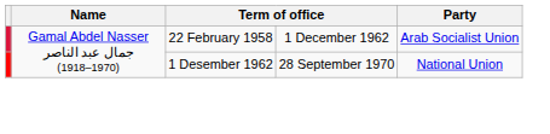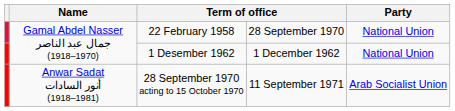 <table class="wikitable" style="text-align:center">
 <tr>
 <th></th>
 <th width="180">Name</th>
 <th colspan="2">Term  of office</th>
 <th>Party</th>
 </tr>
 <tr>
 <th style="background:#DC143C; color:white;"></th>
 <td rowspan="2"><a href='#'>Gamal Abdel Nasser</a><br>جمال عبد الناصر<br> <small>(1918–1970)</small></td>
 <td>22 February 1958</td>
-<td>1 December 1962</td>
-<td><a href='#'>Arab Socialist Union</a></td>
+<td>28 September 1970</td>
+<td><a href='#'>National Union</a></td>
 </tr>
 <tr>
 <th style="background:Red; color:white;"></th>
 <td>1 Desember 1962</td>
-<td>28 September 1970</td>
+<td>1 December 1962</td>
 <td><a href='#'>National Union</a></td>
 </tr>
+<tr>
+<th style="background:Red; color:white;"></th>
+<td><a href='#'>Anwar Sadat</a><br>أنور السادات<br> <small>(1918–1981)</small></td>
+<td>28 September 1970<br><small>acting to 15 October 1970</small></td>
+<td>11 September 1971</td>
+<td><a href='#'>Arab Socialist Union</a></td>
+</tr>
 </table>
